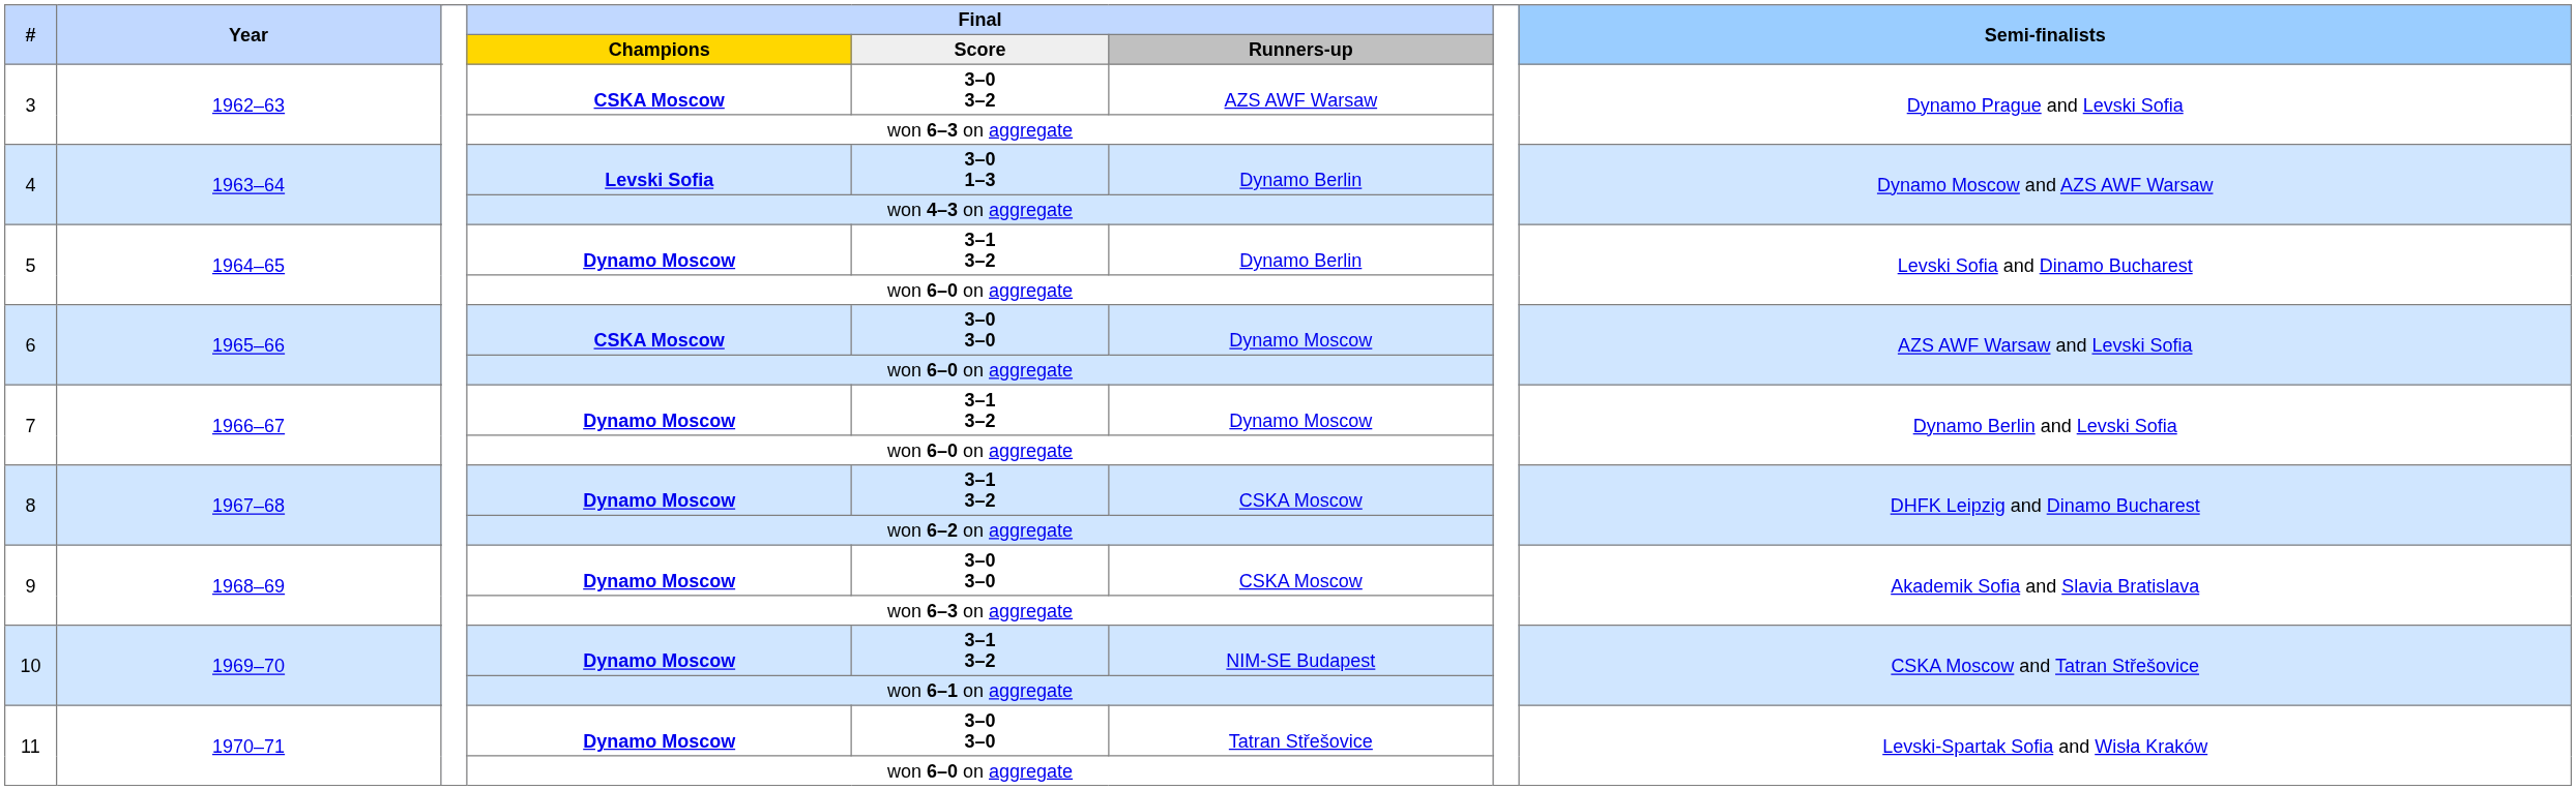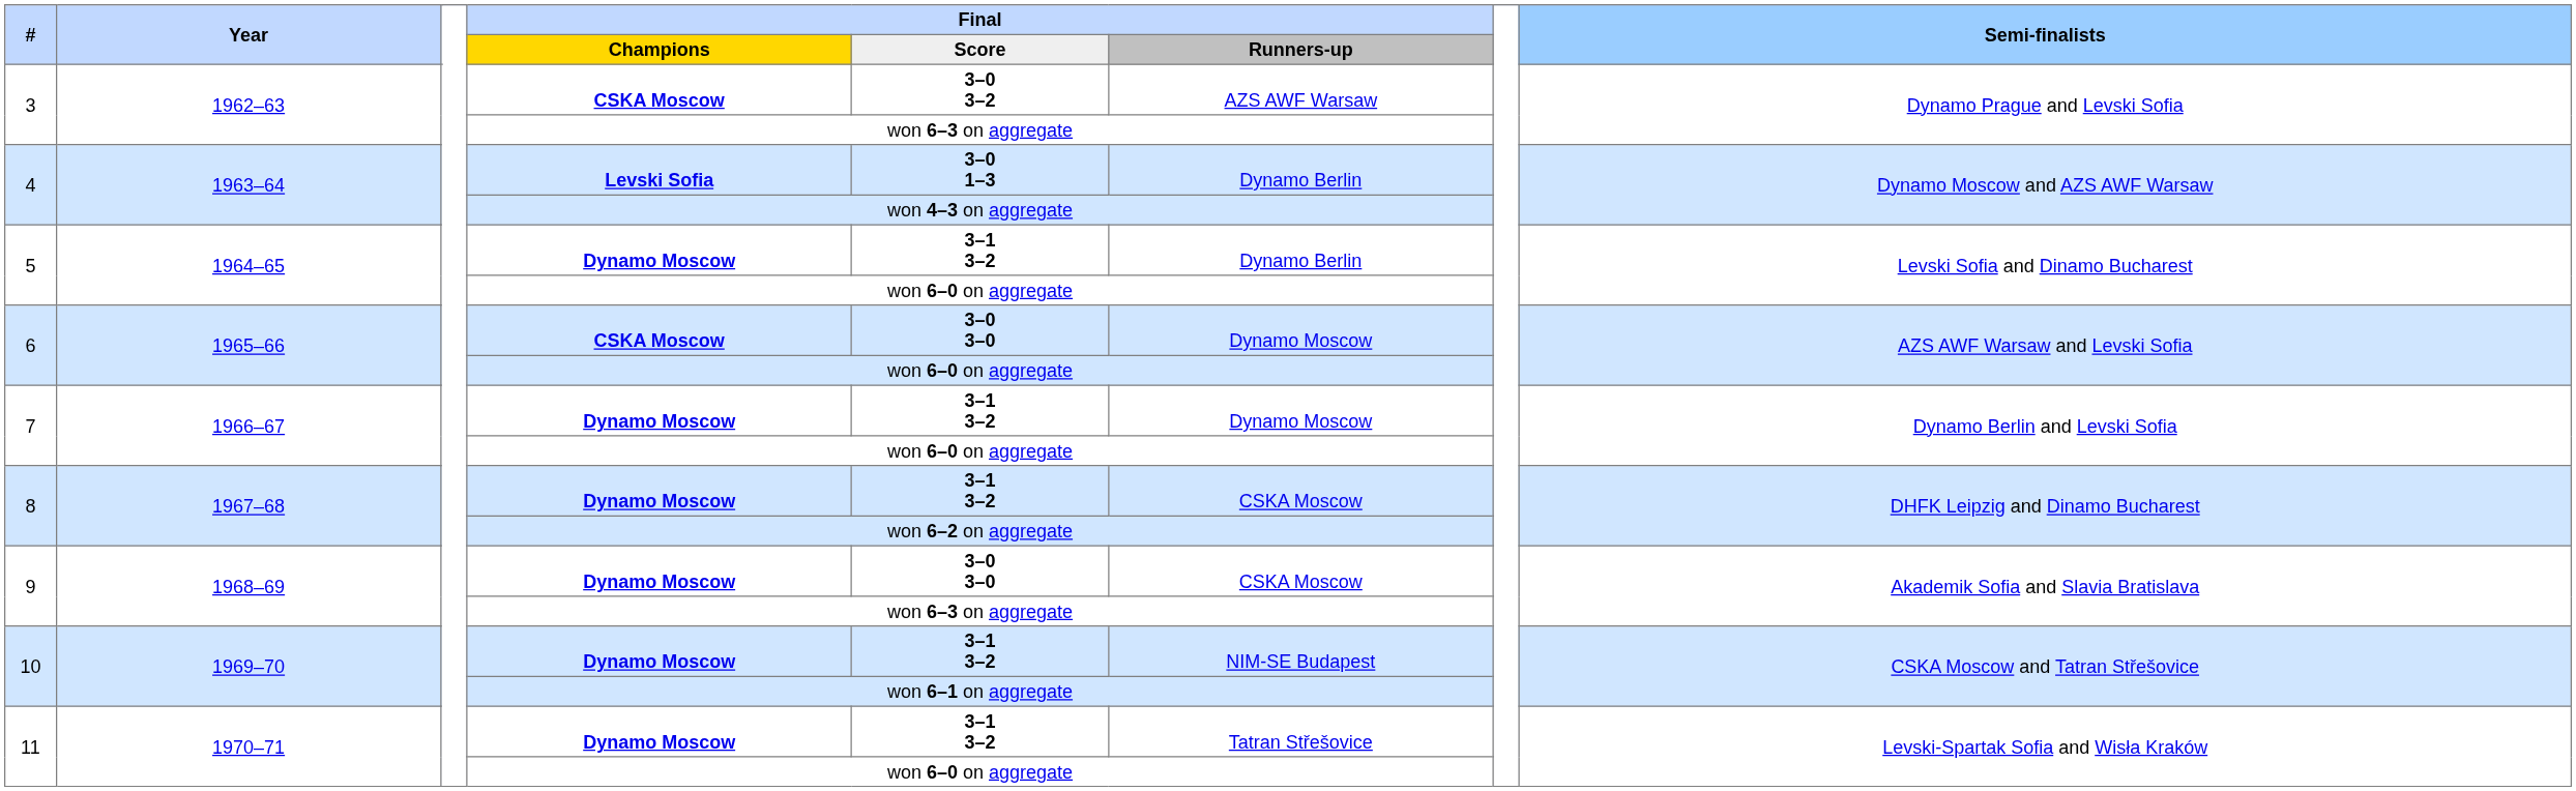 <table border=1 style="border-collapse:collapse; font-size:90%; text-align:center;" cellpadding=3 cellspacing=0 width=100%>
 <tr bgcolor=#C1D8FF>
 <th rowspan=2 width=2%>#</th>
 <th colspan="2" rowspan="2" width="15%">Year</th>
 <th width=1% rowspan=20 bgcolor=ffffff></th>
 <th colspan=3>Final</th>
 <th width=1% rowspan=20 bgcolor=ffffff></th>
 <th colspan="3" rowspan="2" bgcolor="9acdff">Semi-finalists</th>
 </tr>
 <tr bgcolor=#EFEFEF>
 <th width=15% bgcolor=gold>Champions</th>
 <th width=10%>Score</th>
 <th width=15% bgcolor=silver>Runners-up</th>
 </tr>
 <tr style="background:#FFFFFF;">
 <td rowspan="2">3</td>
 <td colspan="2" rowspan="2"><a href='#'>1962–63</a></td>
 <td><strong> <br> <a href='#'>CSKA Moscow</a></strong></td>
 <td><strong>3–0</strong><br><strong>3–2</strong></td>
 <td> <br> <a href='#'>AZS AWF Warsaw</a></td>
 <td colspan="3" rowspan="2"> <a href='#'>Dynamo Prague</a> and  <a href='#'>Levski Sofia</a></td>
 </tr>
 <tr style="background:#FFFFFF;">
 <td colspan=3>won <strong>6–3</strong> on <a href='#'>aggregate</a></td>
 </tr>
 <tr style="background:#D0E6FF;">
 <td rowspan="2">4</td>
 <td colspan="2" rowspan="2"><a href='#'>1963–64</a></td>
 <td><strong> <br> <a href='#'>Levski Sofia</a></strong></td>
 <td><strong>3–0</strong><br><strong>1–3</strong></td>
 <td> <br> <a href='#'>Dynamo Berlin</a></td>
 <td colspan="3" rowspan="2"> <a href='#'>Dynamo Moscow</a> and  <a href='#'>AZS AWF Warsaw</a></td>
 </tr>
 <tr style="background:#D0E6FF;">
 <td colspan=3>won <strong>4–3</strong> on <a href='#'>aggregate</a></td>
 </tr>
 <tr style="background:#FFFFFF;">
 <td rowspan="2">5</td>
 <td colspan="2" rowspan="2"><a href='#'>1964–65</a></td>
 <td><strong> <br> <a href='#'>Dynamo Moscow</a></strong></td>
 <td><strong>3–1</strong><br><strong>3–2</strong></td>
 <td> <br> <a href='#'>Dynamo Berlin</a></td>
 <td colspan="3" rowspan="2"> <a href='#'>Levski Sofia</a> and  <a href='#'>Dinamo Bucharest</a></td>
 </tr>
 <tr style="background:#FFFFFF;">
 <td colspan=3>won <strong>6–0</strong> on <a href='#'>aggregate</a></td>
 </tr>
 <tr style="background:#D0E6FF;">
 <td rowspan="2">6</td>
 <td colspan="2" rowspan="2"><a href='#'>1965–66</a></td>
 <td><strong> <br> <a href='#'>CSKA Moscow</a></strong></td>
 <td><strong>3–0</strong><br><strong>3–0</strong></td>
 <td> <br> <a href='#'>Dynamo Moscow</a></td>
 <td colspan="3" rowspan="2"> <a href='#'>AZS AWF Warsaw</a> and  <a href='#'>Levski Sofia</a></td>
 </tr>
 <tr style="background:#D0E6FF;">
 <td colspan=3>won <strong>6–0</strong> on <a href='#'>aggregate</a></td>
 </tr>
 <tr style="background:#FFFFFF;">
 <td rowspan="2">7</td>
 <td colspan="2" rowspan="2"><a href='#'>1966–67</a></td>
 <td><strong> <br> <a href='#'>Dynamo Moscow</a></strong></td>
 <td><strong>3–1</strong><br><strong>3–2</strong></td>
 <td> <br> <a href='#'>Dynamo Moscow</a></td>
 <td colspan="3" rowspan="2"> <a href='#'>Dynamo Berlin</a> and  <a href='#'>Levski Sofia</a></td>
 </tr>
 <tr style="background:#FFFFFF;">
 <td colspan=3>won <strong>6–0</strong> on <a href='#'>aggregate</a></td>
 </tr>
 <tr style="background:#D0E6FF;">
 <td rowspan="2">8</td>
 <td colspan="2" rowspan="2"><a href='#'>1967–68</a></td>
 <td><strong> <br> <a href='#'>Dynamo Moscow</a></strong></td>
 <td><strong>3–1</strong><br><strong>3–2</strong></td>
 <td> <br> <a href='#'>CSKA Moscow</a></td>
 <td colspan="3" rowspan="2"> <a href='#'>DHFK Leipzig</a> and  <a href='#'>Dinamo Bucharest</a></td>
 </tr>
 <tr style="background:#D0E6FF;">
 <td colspan=3>won <strong>6–2</strong> on <a href='#'>aggregate</a></td>
 </tr>
 <tr style="background:#FFFFFF;">
 <td rowspan="2">9</td>
 <td colspan="2" rowspan="2"><a href='#'>1968–69</a></td>
 <td><strong> <br> <a href='#'>Dynamo Moscow</a></strong></td>
 <td><strong>3–0</strong><br><strong>3–0</strong></td>
 <td> <br> <a href='#'>CSKA Moscow</a></td>
 <td colspan="3" rowspan="2"> <a href='#'>Akademik Sofia</a> and  <a href='#'>Slavia Bratislava</a></td>
 </tr>
 <tr style="background:#FFFFFF;">
 <td colspan=3>won <strong>6–3</strong> on <a href='#'>aggregate</a></td>
 </tr>
 <tr style="background:#D0E6FF;">
 <td rowspan="2">10</td>
 <td colspan="2" rowspan="2"><a href='#'>1969–70</a></td>
 <td><strong> <br> <a href='#'>Dynamo Moscow</a></strong></td>
 <td><strong>3–1</strong><br><strong>3–2</strong></td>
 <td> <br> <a href='#'>NIM-SE Budapest</a></td>
 <td colspan="3" rowspan="2"> <a href='#'>CSKA Moscow</a> and  <a href='#'>Tatran Střešovice</a></td>
 </tr>
 <tr style="background:#D0E6FF;">
 <td colspan=3>won <strong>6–1</strong> on <a href='#'>aggregate</a></td>
 </tr>
 <tr style="background:#FFFFFF;">
 <td rowspan="2">11</td>
 <td colspan="2" rowspan="2"><a href='#'>1970–71</a></td>
 <td><strong> <br> <a href='#'>Dynamo Moscow</a></strong></td>
-<td><strong>3–0</strong><br><strong>3–0</strong></td>
+<td><strong>3–1</strong><br><strong>3–2</strong></td>
 <td> <br> <a href='#'>Tatran Střešovice</a></td>
 <td colspan="3" rowspan="2"> <a href='#'>Levski-Spartak Sofia</a> and  <a href='#'>Wisła Kraków</a></td>
 </tr>
 <tr style="background:#FFFFFF;">
 <td colspan=3>won <strong>6–0</strong> on <a href='#'>aggregate</a></td>
 </tr>
 </table>
